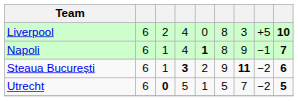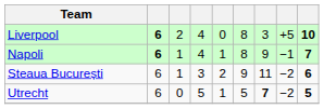 <table class="wikitable" style="text-align: center;">
 <tr>
 <th width=175>Team</th>
 <th width=20></th>
 <th width=20></th>
 <th width=20></th>
 <th width=20></th>
 <th width=20></th>
 <th width=20></th>
 <th width=20></th>
 <th width=20></th>
 </tr>
 <tr bgcolor=#ccffcc>
 <td align=left> <a href='#'>Liverpool</a></td>
-<td>6</td>
+<td><strong>6</strong></td>
 <td>2</td>
 <td>4</td>
 <td>0</td>
 <td>8</td>
 <td>3</td>
 <td>+5</td>
 <td><strong>10</strong></td>
 </tr>
 <tr bgcolor=#ccffcc>
 <td align=left> <a href='#'>Napoli</a></td>
-<td>6</td>
+<td><strong>6</strong></td>
 <td>1</td>
 <td>4</td>
-<td><strong>1</strong></td>
+<td>1</td>
 <td>8</td>
 <td>9</td>
 <td>−1</td>
 <td><strong>7</strong></td>
 </tr>
 <tr bgcolor=>
 <td align=left> <a href='#'>Steaua București</a></td>
 <td>6</td>
 <td>1</td>
-<td><strong>3</strong></td>
+<td>3</td>
 <td>2</td>
 <td>9</td>
-<td><strong>11</strong></td>
+<td>11</td>
 <td>−2</td>
 <td><strong>6</strong></td>
 </tr>
 <tr bgcolor=>
 <td align=left> <a href='#'>Utrecht</a></td>
 <td>6</td>
-<td><strong>0</strong></td>
+<td>0</td>
 <td>5</td>
 <td>1</td>
 <td>5</td>
-<td>7</td>
+<td><strong>7</strong></td>
 <td>−2</td>
 <td><strong>5</strong></td>
 </tr>
 <tr>
 </tr>
 </table>
